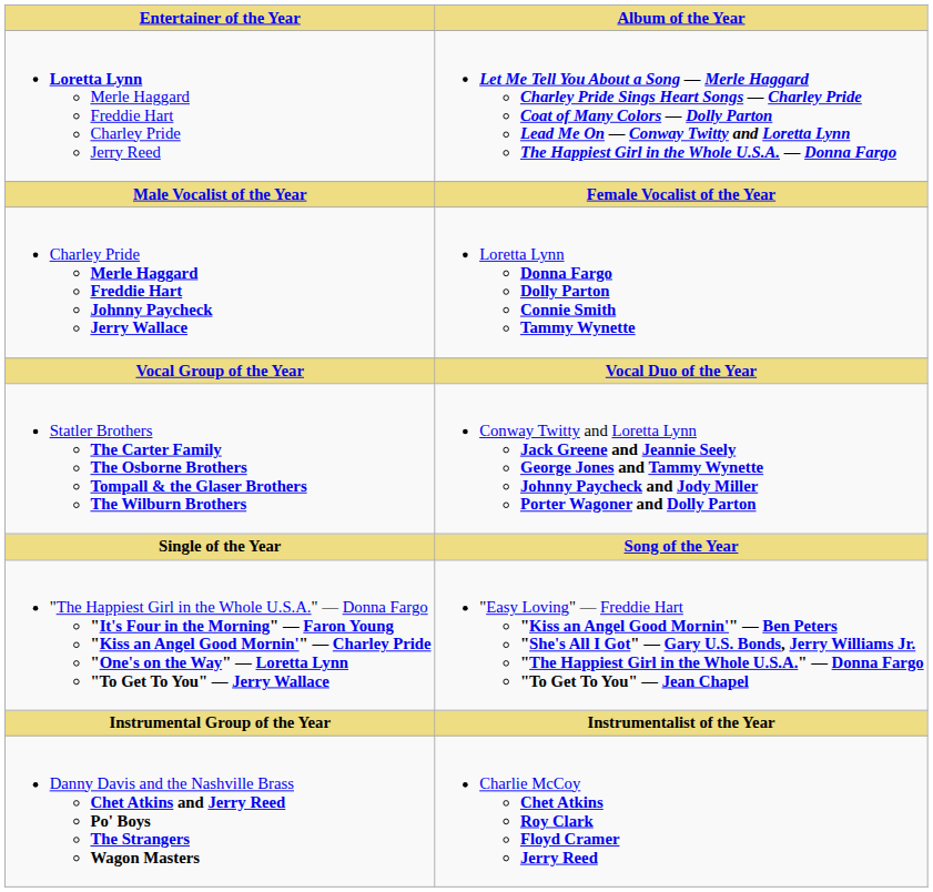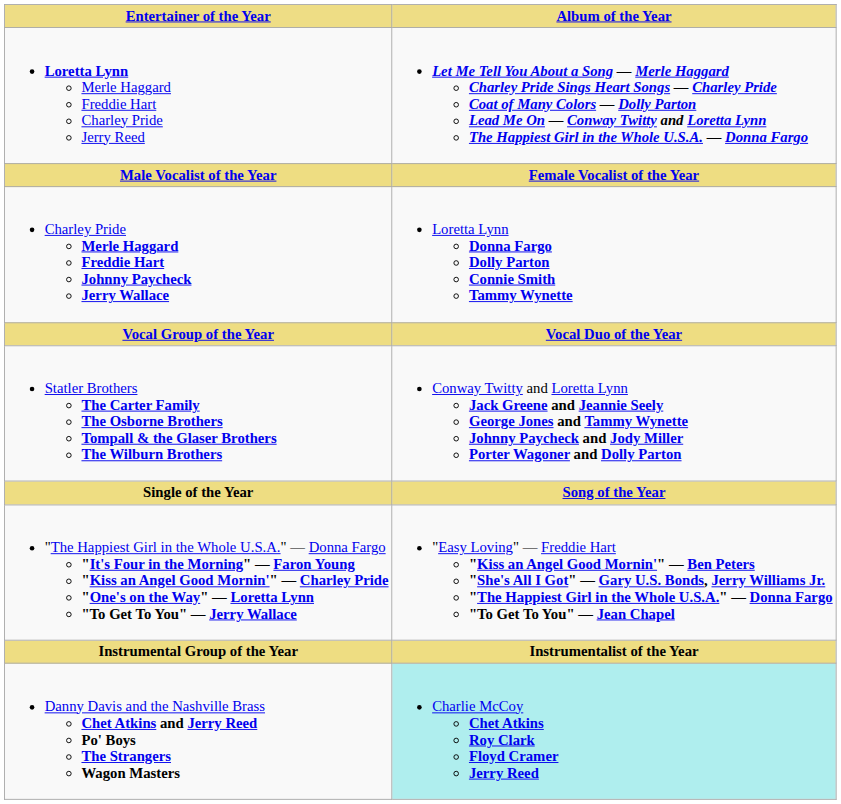 <table class="wikitable">
 <tr>
 <th style="background:#EEDD85; width=50%"><a href='#'>Entertainer of the Year</a></th>
 <th style="background:#EEDD85; width=50%"><a href='#'>Album of the Year</a></th>
 </tr>
 <tr>
 <td valign="top"><br><ul><li><strong><a href='#'>Loretta Lynn</a></strong><ul><li><a href='#'>Merle Haggard</a></li><li><a href='#'>Freddie Hart</a></li><li><a href='#'>Charley Pride</a></li><li><a href='#'>Jerry Reed</a></li></ul></li></ul></td>
 <td valign="top"><br><ul><li><strong><em><a href='#'>Let Me Tell You About a Song</a><em> — <a href='#'>Merle Haggard</a><strong><ul><li></em><a href='#'>Charley Pride Sings Heart Songs</a><em> — <a href='#'>Charley Pride</a></li><li></em><a href='#'>Coat of Many Colors</a><em> — <a href='#'>Dolly Parton</a></li><li></em><a href='#'>Lead Me On</a><em> — <a href='#'>Conway Twitty</a> and <a href='#'>Loretta Lynn</a></li><li></em><a href='#'>The Happiest Girl in the Whole U.S.A.</a><em> — <a href='#'>Donna Fargo</a></li></ul></li></ul></td>
 </tr>
 <tr>
 <th style="background:#EEDD82; width=50%"><a href='#'>Male Vocalist of the Year</a></th>
 <th style="background:#EEDD82; width=50%"><a href='#'>Female Vocalist of the Year</a></th>
 </tr>
 <tr>
 <td valign="top"><br><ul><li></strong><a href='#'>Charley Pride</a><strong><ul><li><a href='#'>Merle Haggard</a></li><li><a href='#'>Freddie Hart</a></li><li><a href='#'>Johnny Paycheck</a></li><li><a href='#'>Jerry Wallace</a></li></ul></li></ul></td>
 <td valign="top"><br><ul><li></strong><a href='#'>Loretta Lynn</a><strong><ul><li><a href='#'>Donna Fargo</a></li><li><a href='#'>Dolly Parton</a></li><li><a href='#'>Connie Smith</a></li><li><a href='#'>Tammy Wynette</a></li></ul></li></ul></td>
 </tr>
 <tr>
 <th style="background:#EEDD82; width=50%"><a href='#'>Vocal Group of the Year</a></th>
 <th style="background:#EEDD82; width=50%"><a href='#'>Vocal Duo of the Year</a></th>
 </tr>
 <tr>
 <td valign="top"><br><ul><li></strong><a href='#'>Statler Brothers</a><strong><ul><li><a href='#'>The Carter Family</a></li><li><a href='#'>The Osborne Brothers</a></li><li><a href='#'>Tompall & the Glaser Brothers</a></li><li><a href='#'>The Wilburn Brothers</a></li></ul></li></ul></td>
 <td valign="top"><br><ul><li></strong><a href='#'>Conway Twitty</a> and <a href='#'>Loretta Lynn</a><strong><ul><li><a href='#'>Jack Greene</a> and <a href='#'>Jeannie Seely</a></li><li><a href='#'>George Jones</a> and <a href='#'>Tammy Wynette</a></li><li><a href='#'>Johnny Paycheck</a> and <a href='#'>Jody Miller</a></li><li><a href='#'>Porter Wagoner</a> and <a href='#'>Dolly Parton</a></li></ul></li></ul></td>
 </tr>
 <tr>
 <th style="background:#EEDD82; width=50%">Single of the Year</th>
 <th style="background:#EEDD82; width=50%"><a href='#'>Song of the Year</a></th>
 </tr>
 <tr>
 <td valign="top"><br><ul><li></strong>"<a href='#'>The Happiest Girl in the Whole U.S.A.</a>" — <a href='#'>Donna Fargo</a><strong><ul><li>"<a href='#'>It's Four in the Morning</a>" — <a href='#'>Faron Young</a></li><li>"<a href='#'>Kiss an Angel Good Mornin'</a>" — <a href='#'>Charley Pride</a></li><li>"<a href='#'>One's on the Way</a>" — <a href='#'>Loretta Lynn</a></li><li>"To Get To You" — <a href='#'>Jerry Wallace</a></li></ul></li></ul></td>
 <td valign="top"><br><ul><li></strong>"<a href='#'>Easy Loving</a>" — <a href='#'>Freddie Hart</a><strong><ul><li>"<a href='#'>Kiss an Angel Good Mornin'</a>" — <a href='#'>Ben Peters</a></li><li>"<a href='#'>She's All I Got</a>" — <a href='#'>Gary U.S. Bonds</a>, <a href='#'>Jerry Williams Jr.</a></li><li>"<a href='#'>The Happiest Girl in the Whole U.S.A.</a>" — <a href='#'>Donna Fargo</a></li><li>"To Get To You" — <a href='#'>Jean Chapel</a></li></ul></li></ul></td>
 </tr>
 <tr>
 <th style="background:#EEDD82; width=50%">Instrumental Group of the Year</th>
 <th style="background:#EEDD82; width=50%">Instrumentalist of the Year</th>
 </tr>
 <tr>
 <td valign="top"><br><ul><li></strong><a href='#'>Danny Davis and the Nashville Brass</a><strong><ul><li><a href='#'>Chet Atkins</a> and <a href='#'>Jerry Reed</a></li><li>Po' Boys</li><li><a href='#'>The Strangers</a></li><li>Wagon Masters</li></ul></li></ul></td>
-<td valign="top"><br><ul><li></strong><a href='#'>Charlie McCoy</a><strong><ul><li><a href='#'>Chet Atkins</a></li><li><a href='#'>Roy Clark</a></li><li><a href='#'>Floyd Cramer</a></li><li><a href='#'>Jerry Reed</a></li></ul></li></ul></td>
+<td valign="top" style="background: paleturquoise;"><br><ul><li></strong><a href='#'>Charlie McCoy</a><strong><ul><li><a href='#'>Chet Atkins</a></li><li><a href='#'>Roy Clark</a></li><li><a href='#'>Floyd Cramer</a></li><li><a href='#'>Jerry Reed</a></li></ul></li></ul></td>
 </tr>
 </table>
